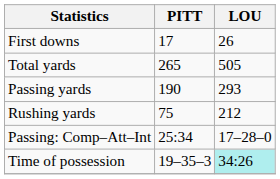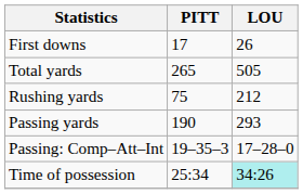 <table class="wikitable" style="float: left;">
 <tr>
 <th>Statistics</th>
 <th>PITT</th>
 <th>LOU</th>
 </tr>
 <tr>
 <td>First downs</td>
 <td>17</td>
 <td>26</td>
 </tr>
 <tr>
 <td>Total yards</td>
 <td>265</td>
 <td>505</td>
 </tr>
 <tr>
+<td>Rushing yards</td>
+<td>75</td>
+<td>212</td>
+</tr>
+<tr>
 <td>Passing yards</td>
 <td>190</td>
 <td>293</td>
 </tr>
 <tr>
-<td>Rushing yards</td>
-<td>75</td>
-<td>212</td>
-</tr>
-<tr>
 <td>Passing: Comp–Att–Int</td>
-<td>25:34</td>
+<td>19–35–3</td>
 <td>17–28–0</td>
 </tr>
 <tr>
 <td>Time of possession</td>
-<td>19–35–3</td>
+<td>25:34</td>
 <td style="background: paleturquoise;">34:26</td>
 </tr>
 <tr>
 </tr>
 </table>
